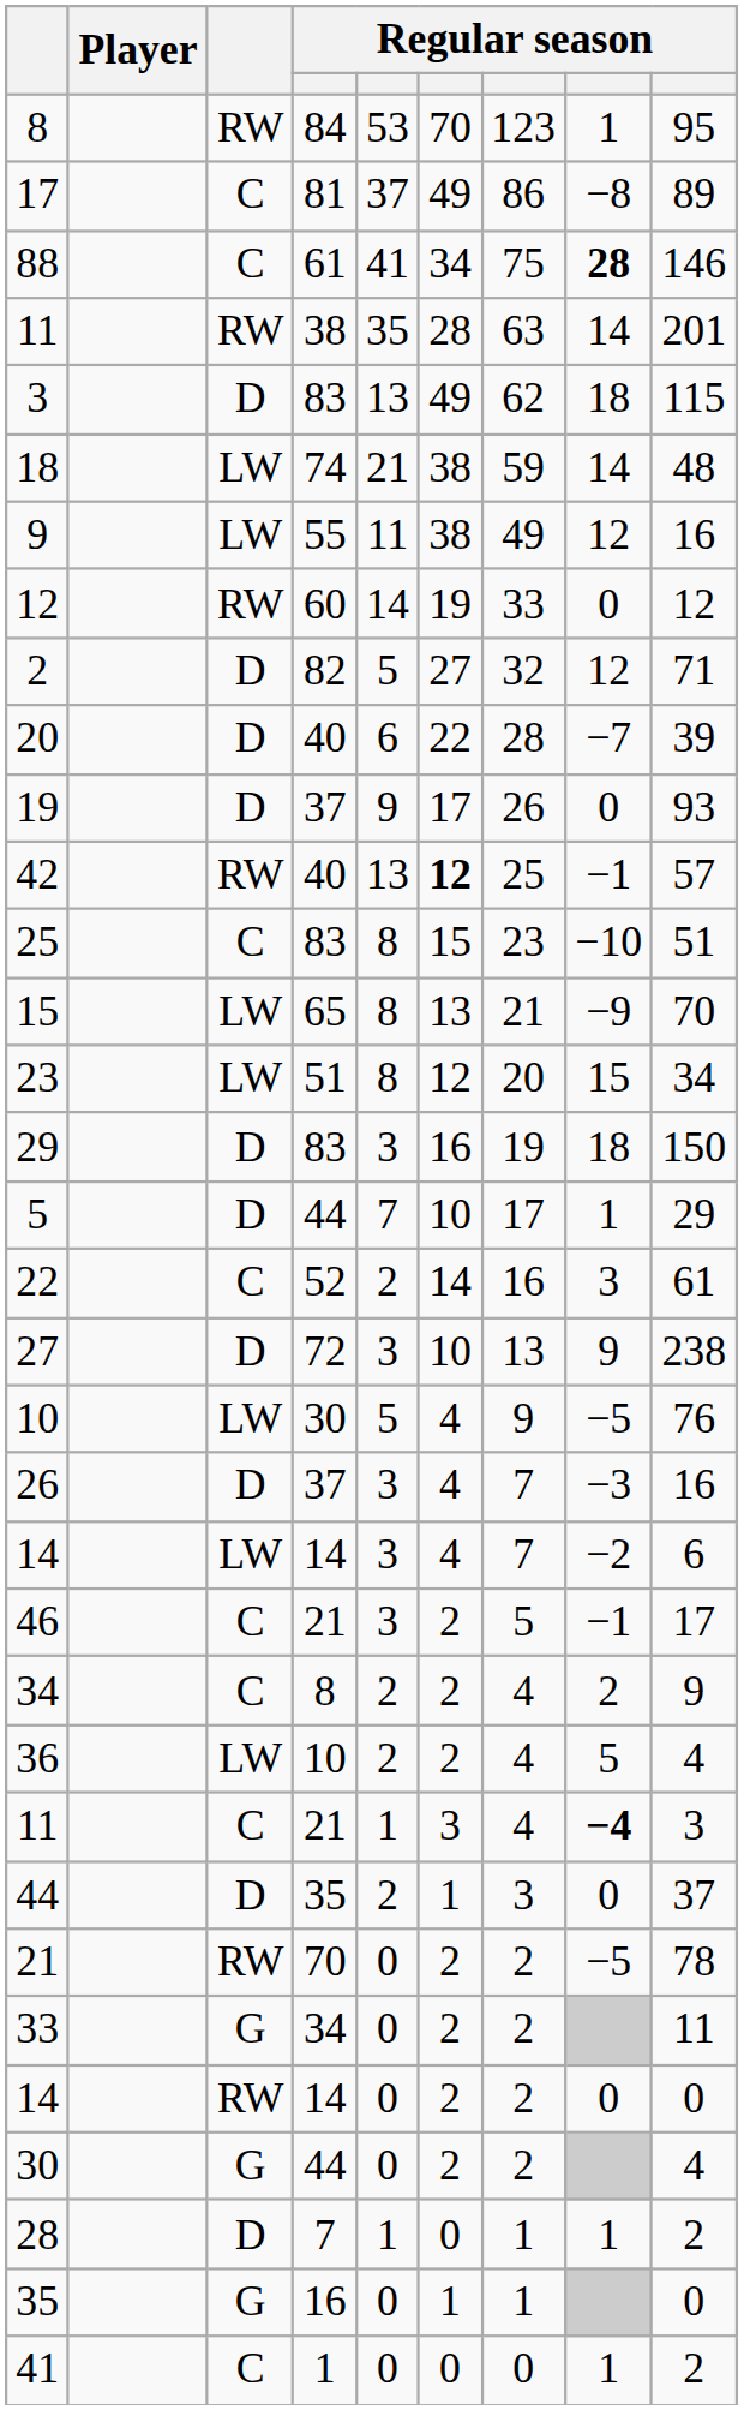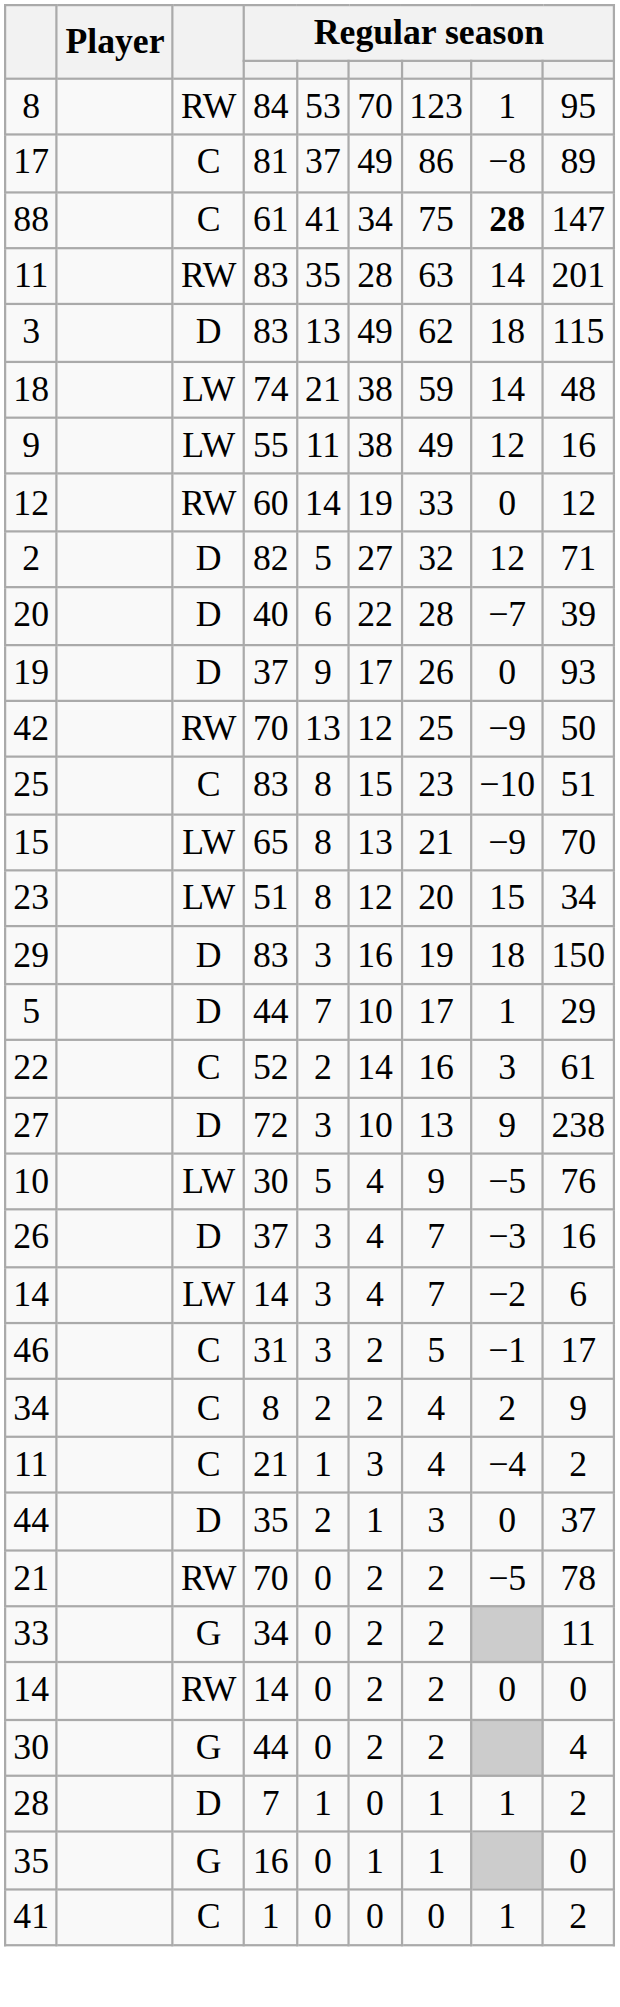 <table class="wikitable sortable plainrowheaders" style="text-align:center;">
 <tr>
 <th scope="col" data-sort-type="number" rowspan="2"></th>
 <th scope="col" rowspan="2">Player</th>
 <th scope="col" rowspan="2"></th>
 <th scope=colgroup colspan=6>Regular season</th>
 </tr>
 <tr>
 <th scope="col" data-sort-type="number"></th>
 <th scope="col" data-sort-type="number"></th>
 <th scope="col" data-sort-type="number"></th>
 <th scope="col" data-sort-type="number"></th>
 <th scope="col" data-sort-type="number"></th>
 <th scope="col" data-sort-type="number"></th>
 </tr>
 <tr>
 <td scope="row">8</td>
 <td align="left"></td>
 <td>RW</td>
 <td>84</td>
 <td>53</td>
 <td>70</td>
 <td>123</td>
 <td>1</td>
 <td>95</td>
 </tr>
 <tr>
 <td scope="row">17</td>
 <td align="left"></td>
 <td>C</td>
 <td>81</td>
 <td>37</td>
 <td>49</td>
 <td>86</td>
 <td>−8</td>
 <td>89</td>
 </tr>
 <tr>
 <td scope="row">88</td>
 <td align="left"></td>
 <td>C</td>
 <td>61</td>
 <td>41</td>
 <td>34</td>
 <td>75</td>
 <td><strong>28</strong></td>
-<td>146</td>
+<td>147</td>
 </tr>
 <tr>
 <td scope="row">11</td>
 <td align="left"></td>
 <td>RW</td>
-<td>38</td>
+<td>83</td>
 <td>35</td>
 <td>28</td>
 <td>63</td>
 <td>14</td>
 <td>201</td>
 </tr>
 <tr>
 <td scope="row">3</td>
 <td align="left"></td>
 <td>D</td>
 <td>83</td>
 <td>13</td>
 <td>49</td>
 <td>62</td>
 <td>18</td>
 <td>115</td>
 </tr>
 <tr>
 <td scope="row">18</td>
 <td align="left"></td>
 <td>LW</td>
 <td>74</td>
 <td>21</td>
 <td>38</td>
 <td>59</td>
 <td>14</td>
 <td>48</td>
 </tr>
 <tr>
 <td scope="row">9</td>
 <td align="left"></td>
 <td>LW</td>
 <td>55</td>
 <td>11</td>
 <td>38</td>
 <td>49</td>
 <td>12</td>
 <td>16</td>
 </tr>
 <tr>
 <td scope="row">12</td>
 <td align="left"></td>
 <td>RW</td>
 <td>60</td>
 <td>14</td>
 <td>19</td>
 <td>33</td>
 <td>0</td>
 <td>12</td>
 </tr>
 <tr>
 <td scope="row">2</td>
 <td align="left"></td>
 <td>D</td>
 <td>82</td>
 <td>5</td>
 <td>27</td>
 <td>32</td>
 <td>12</td>
 <td>71</td>
 </tr>
 <tr>
 <td scope="row">20</td>
 <td align="left"></td>
 <td>D</td>
 <td>40</td>
 <td>6</td>
 <td>22</td>
 <td>28</td>
 <td>−7</td>
 <td>39</td>
 </tr>
 <tr>
 <td scope="row">19</td>
 <td align="left"></td>
 <td>D</td>
 <td>37</td>
 <td>9</td>
 <td>17</td>
 <td>26</td>
 <td>0</td>
 <td>93</td>
 </tr>
 <tr>
 <td scope="row">42</td>
 <td align="left"></td>
 <td>RW</td>
-<td>40</td>
+<td>70</td>
 <td>13</td>
-<td><strong>12</strong></td>
+<td>12</td>
 <td>25</td>
-<td>−1</td>
-<td>57</td>
+<td>−9</td>
+<td>50</td>
 </tr>
 <tr>
 <td scope="row">25</td>
 <td align="left"></td>
 <td>C</td>
 <td>83</td>
 <td>8</td>
 <td>15</td>
 <td>23</td>
 <td>−10</td>
 <td>51</td>
 </tr>
 <tr>
 <td scope="row">15</td>
 <td align="left"></td>
 <td>LW</td>
 <td>65</td>
 <td>8</td>
 <td>13</td>
 <td>21</td>
 <td>−9</td>
 <td>70</td>
 </tr>
 <tr>
 <td scope="row">23</td>
 <td align="left"></td>
 <td>LW</td>
 <td>51</td>
 <td>8</td>
 <td>12</td>
 <td>20</td>
 <td>15</td>
 <td>34</td>
 </tr>
 <tr>
 <td scope="row">29</td>
 <td align="left"></td>
 <td>D</td>
 <td>83</td>
 <td>3</td>
 <td>16</td>
 <td>19</td>
 <td>18</td>
 <td>150</td>
 </tr>
 <tr>
 <td scope="row">5</td>
 <td align="left"></td>
 <td>D</td>
 <td>44</td>
 <td>7</td>
 <td>10</td>
 <td>17</td>
 <td>1</td>
 <td>29</td>
 </tr>
 <tr>
 <td scope="row">22</td>
 <td align="left"></td>
 <td>C</td>
 <td>52</td>
 <td>2</td>
 <td>14</td>
 <td>16</td>
 <td>3</td>
 <td>61</td>
 </tr>
 <tr>
 <td scope="row">27</td>
 <td align="left"></td>
 <td>D</td>
 <td>72</td>
 <td>3</td>
 <td>10</td>
 <td>13</td>
 <td>9</td>
 <td>238</td>
 </tr>
 <tr>
 <td scope="row">10</td>
 <td align="left"></td>
 <td>LW</td>
 <td>30</td>
 <td>5</td>
 <td>4</td>
 <td>9</td>
 <td>−5</td>
 <td>76</td>
 </tr>
 <tr>
 <td scope="row">26</td>
 <td align="left"></td>
 <td>D</td>
 <td>37</td>
 <td>3</td>
 <td>4</td>
 <td>7</td>
 <td>−3</td>
 <td>16</td>
 </tr>
 <tr>
 <td scope="row">14</td>
 <td align="left"></td>
 <td>LW</td>
 <td>14</td>
 <td>3</td>
 <td>4</td>
 <td>7</td>
 <td>−2</td>
 <td>6</td>
 </tr>
 <tr>
 <td scope="row">46</td>
 <td align="left"></td>
 <td>C</td>
-<td>21</td>
+<td>31</td>
 <td>3</td>
 <td>2</td>
 <td>5</td>
 <td>−1</td>
 <td>17</td>
 </tr>
 <tr>
 <td scope="row">34</td>
 <td align="left"></td>
 <td>C</td>
 <td>8</td>
 <td>2</td>
 <td>2</td>
 <td>4</td>
 <td>2</td>
 <td>9</td>
 </tr>
 <tr>
-<td scope="row">36</td>
-<td align="left"></td>
-<td>LW</td>
-<td>10</td>
-<td>2</td>
-<td>2</td>
-<td>4</td>
-<td>5</td>
-<td>4</td>
-</tr>
-<tr>
 <td scope="row">11</td>
 <td align="left"></td>
 <td>C</td>
 <td>21</td>
 <td>1</td>
 <td>3</td>
 <td>4</td>
-<td><strong>−4</strong></td>
-<td>3</td>
+<td>−4</td>
+<td>2</td>
 </tr>
 <tr>
 <td scope="row">44</td>
 <td align="left"></td>
 <td>D</td>
 <td>35</td>
 <td>2</td>
 <td>1</td>
 <td>3</td>
 <td>0</td>
 <td>37</td>
 </tr>
 <tr>
 <td scope="row">21</td>
 <td align="left"></td>
 <td>RW</td>
 <td>70</td>
 <td>0</td>
 <td>2</td>
 <td>2</td>
 <td>−5</td>
 <td>78</td>
 </tr>
 <tr>
 <td scope="row">33</td>
 <td align="left"></td>
 <td>G</td>
 <td>34</td>
 <td>0</td>
 <td>2</td>
 <td>2</td>
 <td style="background:#ccc"></td>
 <td>11</td>
 </tr>
 <tr>
 <td scope="row">14</td>
 <td align="left"></td>
 <td>RW</td>
 <td>14</td>
 <td>0</td>
 <td>2</td>
 <td>2</td>
 <td>0</td>
 <td>0</td>
 </tr>
 <tr>
 <td scope="row">30</td>
 <td align="left"></td>
 <td>G</td>
 <td>44</td>
 <td>0</td>
 <td>2</td>
 <td>2</td>
 <td style="background:#ccc"></td>
 <td>4</td>
 </tr>
 <tr>
 <td scope="row">28</td>
 <td align="left"></td>
 <td>D</td>
 <td>7</td>
 <td>1</td>
 <td>0</td>
 <td>1</td>
 <td>1</td>
 <td>2</td>
 </tr>
 <tr>
 <td scope="row">35</td>
 <td align="left"></td>
 <td>G</td>
 <td>16</td>
 <td>0</td>
 <td>1</td>
 <td>1</td>
 <td style="background:#ccc"></td>
 <td>0</td>
 </tr>
 <tr>
 <td scope="row">41</td>
 <td align="left"></td>
 <td>C</td>
 <td>1</td>
 <td>0</td>
 <td>0</td>
 <td>0</td>
 <td>1</td>
 <td>2</td>
 </tr>
 </table>
